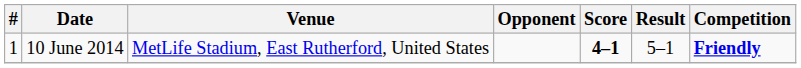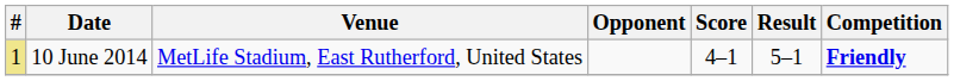 <table class="wikitable sortable">
 <tr>
 <th>#</th>
 <th>Date</th>
 <th>Venue</th>
 <th>Opponent</th>
 <th>Score</th>
 <th>Result</th>
 <th>Competition</th>
 </tr>
 <tr>
-<td>1</td>
+<td style="background: khaki;">1</td>
 <td>10 June 2014</td>
 <td><a href='#'>MetLife Stadium</a>, <a href='#'>East Rutherford</a>, United States</td>
 <td></td>
-<td align=center><strong>4–1</strong></td>
+<td align=center>4–1</td>
 <td align=center>5–1</td>
 <td><strong><a href='#'>Friendly</a></strong></td>
 </tr>
 <tr>
 </tr>
 </table>
